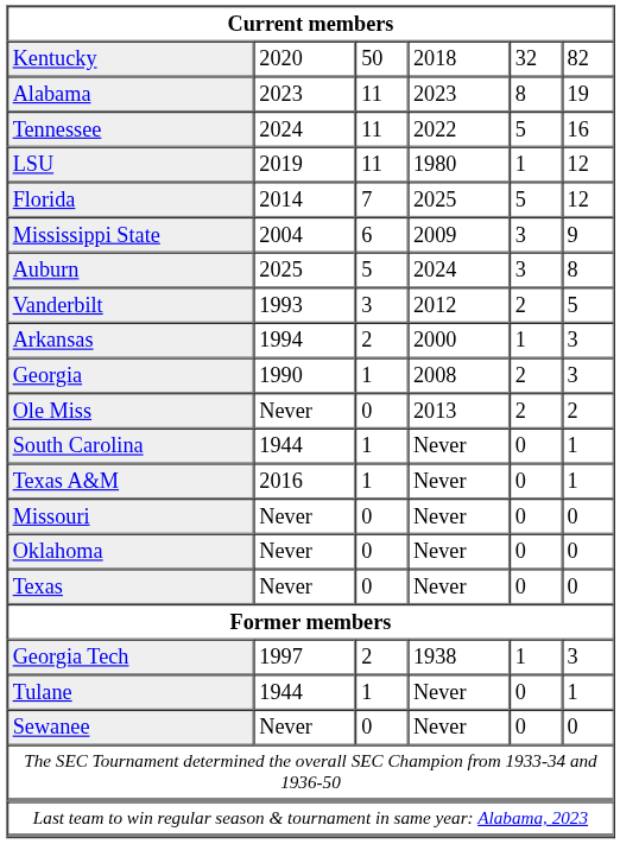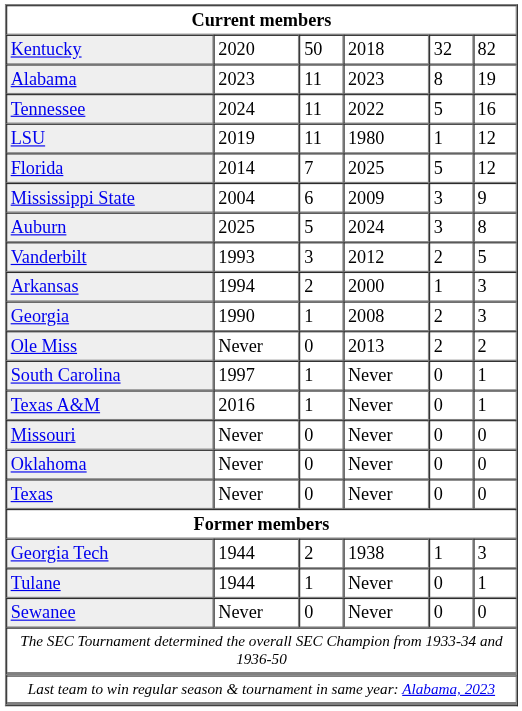 <table border="1" cellpadding="3" cellspacing="0" align="right" width="450px">
 <tr>
 </tr>
 <tr>
 <td colspan=6 align="center"><strong>Current members</strong></td>
 </tr>
 <tr>
 <td bgcolor="#efefef"><a href='#'>Kentucky</a></td>
 <td>2020</td>
 <td>50</td>
 <td>2018</td>
 <td>32</td>
 <td>82</td>
 </tr>
 <tr>
 <td bgcolor="#efefef"><a href='#'>Alabama</a></td>
 <td>2023</td>
 <td>11</td>
 <td>2023</td>
 <td>8</td>
 <td>19</td>
 </tr>
 <tr>
 <td bgcolor="#efefef"><a href='#'>Tennessee</a></td>
 <td>2024</td>
 <td>11</td>
 <td>2022</td>
 <td>5</td>
 <td>16</td>
 </tr>
 <tr>
 <td bgcolor="#efefef"><a href='#'>LSU</a></td>
 <td>2019</td>
 <td>11</td>
 <td>1980</td>
 <td>1</td>
 <td>12</td>
 </tr>
 <tr>
 <td bgcolor="#efefef"><a href='#'>Florida</a></td>
 <td>2014</td>
 <td>7</td>
 <td>2025</td>
 <td>5</td>
 <td>12</td>
 </tr>
 <tr>
 <td bgcolor="#efefef"><a href='#'>Mississippi State</a></td>
 <td>2004</td>
 <td>6</td>
 <td>2009</td>
 <td>3</td>
 <td>9</td>
 </tr>
 <tr>
 <td bgcolor="#efefef"><a href='#'>Auburn</a></td>
 <td>2025</td>
 <td>5</td>
 <td>2024</td>
 <td>3</td>
 <td>8</td>
 </tr>
 <tr>
 <td bgcolor="#efefef"><a href='#'>Vanderbilt</a></td>
 <td>1993</td>
 <td>3</td>
 <td>2012</td>
 <td>2</td>
 <td>5</td>
 </tr>
 <tr>
 <td bgcolor="#efefef"><a href='#'>Arkansas</a></td>
 <td>1994</td>
 <td>2</td>
 <td>2000</td>
 <td>1</td>
 <td>3</td>
 </tr>
 <tr>
 <td bgcolor="#efefef"><a href='#'>Georgia</a></td>
 <td>1990</td>
 <td>1</td>
 <td>2008</td>
 <td>2</td>
 <td>3</td>
 </tr>
 <tr>
 <td bgcolor="#efefef"><a href='#'>Ole Miss</a></td>
 <td>Never</td>
 <td>0</td>
 <td>2013</td>
 <td>2</td>
 <td>2</td>
 </tr>
 <tr>
 <td bgcolor="#efefef"><a href='#'>South Carolina</a></td>
-<td>1944</td>
+<td>1997</td>
 <td>1</td>
 <td>Never</td>
 <td>0</td>
 <td>1</td>
 </tr>
 <tr>
 <td bgcolor="#efefef"><a href='#'>Texas A&M</a></td>
 <td>2016</td>
 <td>1</td>
 <td>Never</td>
 <td>0</td>
 <td>1</td>
 </tr>
 <tr>
 <td bgcolor="#efefef"><a href='#'>Missouri</a></td>
 <td>Never</td>
 <td>0</td>
 <td>Never</td>
 <td>0</td>
 <td>0</td>
 </tr>
 <tr>
 <td bgcolor="#efefef"><a href='#'>Oklahoma</a></td>
 <td>Never</td>
 <td>0</td>
 <td>Never</td>
 <td>0</td>
 <td>0</td>
 </tr>
 <tr>
 <td bgcolor="#efefef"><a href='#'>Texas</a></td>
 <td>Never</td>
 <td>0</td>
 <td>Never</td>
 <td>0</td>
 <td>0</td>
 </tr>
 <tr>
 <td colspan=6 align="center"><strong>Former members</strong></td>
 </tr>
 <tr>
 <td bgcolor="#efefef"><a href='#'>Georgia Tech</a></td>
-<td>1997</td>
+<td>1944</td>
 <td>2</td>
 <td>1938</td>
 <td>1</td>
 <td>3</td>
 </tr>
 <tr>
 <td bgcolor="#efefef"><a href='#'>Tulane</a></td>
 <td>1944</td>
 <td>1</td>
 <td>Never</td>
 <td>0</td>
 <td>1</td>
 </tr>
 <tr>
 <td bgcolor="#efefef"><a href='#'>Sewanee</a></td>
 <td>Never</td>
 <td>0</td>
 <td>Never</td>
 <td>0</td>
 <td>0</td>
 </tr>
 <tr>
 <td align="center" colspan=6 style="border-bottom:3px solid gray; font-size:smaller"><em>The SEC Tournament determined the overall SEC Champion from 1933-34 and 1936-50</em></td>
 </tr>
 <tr>
 <td align="center" colspan=6 style="border-bottom:3px solid gray; font-size:smaller"><em>Last team to win regular season & tournament in same year: <a href='#'>Alabama, 2023</a></em></td>
 </tr>
 </table>
